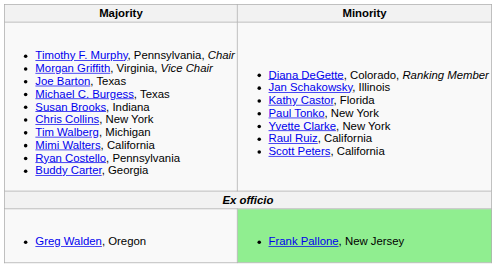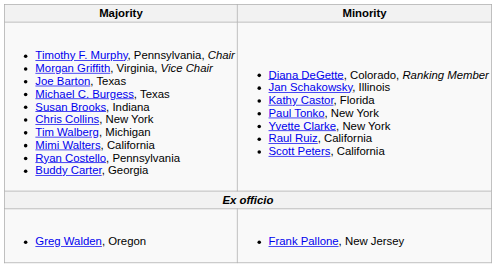 <table class=wikitable>
 <tr>
 <th>Majority</th>
 <th>Minority</th>
 </tr>
 <tr>
 <td><br><ul><li><a href='#'>Timothy F. Murphy</a>, Pennsylvania, <em>Chair</em></li><li><a href='#'>Morgan Griffith</a>, Virginia, <em>Vice Chair</em></li><li><a href='#'>Joe Barton</a>, Texas</li><li><a href='#'>Michael C. Burgess</a>, Texas</li><li><a href='#'>Susan Brooks</a>, Indiana</li><li><a href='#'>Chris Collins</a>, New York</li><li><a href='#'>Tim Walberg</a>, Michigan</li><li><a href='#'>Mimi Walters</a>, California</li><li><a href='#'>Ryan Costello</a>, Pennsylvania</li><li><a href='#'>Buddy Carter</a>, Georgia</li></ul></td>
 <td><br><ul><li><a href='#'>Diana DeGette</a>, Colorado, <em>Ranking Member</em></li><li><a href='#'>Jan Schakowsky</a>, Illinois</li><li><a href='#'>Kathy Castor</a>, Florida</li><li><a href='#'>Paul Tonko</a>, New York</li><li><a href='#'>Yvette Clarke</a>, New York</li><li><a href='#'>Raul Ruiz</a>, California</li><li><a href='#'>Scott Peters</a>, California</li></ul></td>
 </tr>
 <tr>
 <th colspan=2><em>Ex officio</em></th>
 </tr>
 <tr>
 <td><br><ul><li><a href='#'>Greg Walden</a>, Oregon</li></ul></td>
-<td style="background: lightgreen;"><br><ul><li><a href='#'>Frank Pallone</a>, New Jersey</li></ul></td>
+<td><br><ul><li><a href='#'>Frank Pallone</a>, New Jersey</li></ul></td>
 </tr>
 </table>
